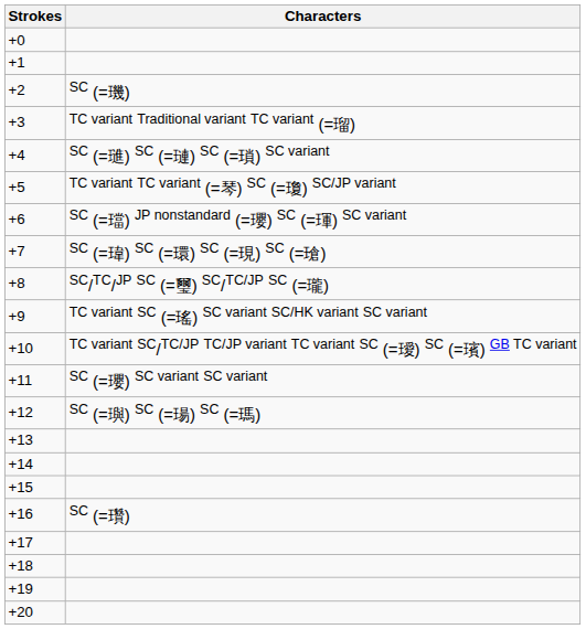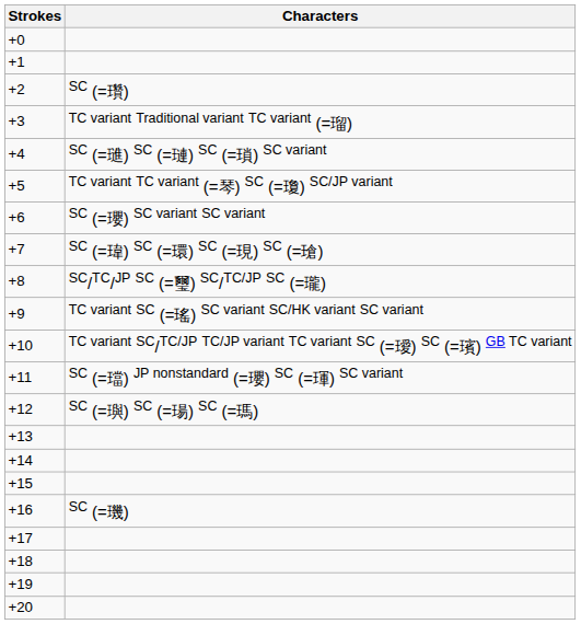 <table class="wikitable">
 <tr>
 <th>Strokes</th>
 <th>Characters</th>
 </tr>
 <tr --->
 <td>+0</td>
 <td style="font-size: large;">  </td>
 </tr>
 <tr --->
 <td>+1</td>
 <td style="font-size: large;"> </td>
 </tr>
 <tr --->
 <td>+2</td>
-<td style="font-size: large;">   <sup>SC</sup> (=璣)</td>
+<td style="font-size: large;">      <sup>SC</sup> (=瓚)</td>
 </tr>
 <tr --->
 <td>+3</td>
 <td style="font-size: large;"><sup>TC variant</sup> <sup>Traditional variant</sup>             <sup>TC variant</sup>       (=瑠)  </td>
 </tr>
 <tr --->
 <td>+4</td>
 <td style="font-size: large;">                           <sup>SC</sup> (=璡) <sup>SC</sup> (=璉) <sup>SC</sup> (=瑣)    <sup>SC variant</sup></td>
 </tr>
 <tr --->
 <td>+5</td>
 <td style="font-size: large;">                        <sup>TC variant</sup>            <sup>TC variant</sup>   (=琴)  <sup>SC</sup> (=瓊) <sup>SC/JP variant</sup></td>
 </tr>
 <tr --->
 <td>+6</td>
-<td style="font-size: large;">                              <sup>SC</sup> (=璫) <sup>JP nonstandard</sup> (=瓔) <sup>SC</sup> (=琿) <sup>SC variant</sup></td>
+<td style="font-size: large;">                    <sup>SC</sup> (=瓔) <sup>SC variant</sup> <sup>SC variant</sup></td>
 </tr>
 <tr --->
 <td>+7</td>
 <td style="font-size: large;">                  <sup>SC</sup> (=瑋) <sup>SC</sup> (=環) <sup>SC</sup> (=現) <sup>SC</sup> (=瑲)</td>
 </tr>
 <tr --->
 <td>+8</td>
 <td style="font-size: large;"><sup>SC</sup>/<sup>TC</sup>/<sup>JP</sup>        <sup>SC</sup> (=璽)                <sup>SC</sup>/<sup>TC/JP</sup>       <sup>SC</sup> (=瓏)</td>
 </tr>
 <tr --->
 <td>+9</td>
 <td style="font-size: large;">                              <sup>TC variant</sup>     <sup>SC</sup> (=瑤) <sup>SC variant</sup> <sup>SC/HK variant</sup> <sup>SC variant</sup></td>
 </tr>
 <tr --->
 <td>+10</td>
 <td style="font-size: large;">     <sup>TC variant</sup>   <sup>SC</sup>/<sup>TC/JP</sup>           <sup>TC/JP variant</sup>  <sup>TC variant</sup> <sup>SC</sup> (=璦) <sup>SC</sup> (=璸) <sup><a href='#'>GB</a> TC variant</sup></td>
 </tr>
 <tr --->
 <td>+11</td>
-<td style="font-size: large;">                    <sup>SC</sup> (=瓔) <sup>SC variant</sup> <sup>SC variant</sup></td>
+<td style="font-size: large;">                              <sup>SC</sup> (=璫) <sup>JP nonstandard</sup> (=瓔) <sup>SC</sup> (=琿) <sup>SC variant</sup></td>
 </tr>
 <tr --->
 <td>+12</td>
 <td style="font-size: large;">       <sup>SC</sup> (=璵) <sup>SC</sup> (=瑒) <sup>SC</sup> (=瑪)</td>
 </tr>
 <tr --->
 <td>+13</td>
 <td style="font-size: large;">               </td>
 </tr>
 <tr --->
 <td>+14</td>
 <td style="font-size: large;">             </td>
 </tr>
 <tr --->
 <td>+15</td>
 <td style="font-size: large;">        </td>
 </tr>
 <tr --->
 <td>+16</td>
-<td style="font-size: large;">      <sup>SC</sup> (=瓚)</td>
+<td style="font-size: large;">   <sup>SC</sup> (=璣)</td>
 </tr>
 <tr --->
 <td>+17</td>
 <td style="font-size: large;">   </td>
 </tr>
 <tr --->
 <td>+18</td>
 <td style="font-size: large;">  </td>
 </tr>
 <tr --->
 <td>+19</td>
 <td style="font-size: large;"></td>
 </tr>
 <tr --->
 <td>+20</td>
 <td style="font-size: large;"></td>
 </tr>
 </table>
